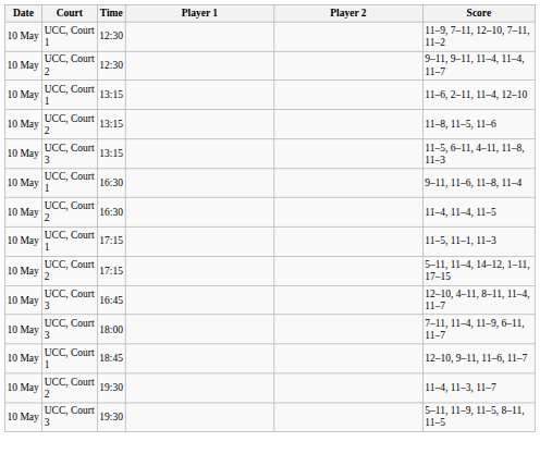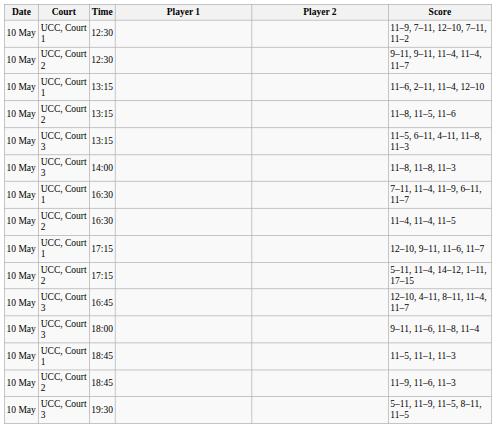 <table class="sortable wikitable" style="font-size:90%">
 <tr>
 <th width="45" class="unsortable">Date</th>
 <th width="70">Court</th>
 <th width="30">Time</th>
 <th width="200">Player 1</th>
 <th width="200">Player 2</th>
 <th width="150" class="unsortable">Score</th>
 </tr>
 <tr>
 <td>10 May</td>
 <td>UCC, Court 1</td>
 <td>12:30</td>
 <td><strong></strong></td>
 <td></td>
 <td>11–9, 7–11, 12–10, 7–11, 11–2</td>
 </tr>
 <tr>
 <td>10 May</td>
 <td>UCC, Court 2</td>
 <td>12:30</td>
 <td><strong></strong></td>
 <td></td>
 <td>9–11, 9–11, 11–4, 11–4, 11–7</td>
 </tr>
 <tr>
 <td>10 May</td>
 <td>UCC, Court 1</td>
 <td>13:15</td>
 <td><strong></strong></td>
 <td></td>
 <td>11–6, 2–11, 11–4, 12–10</td>
 </tr>
 <tr>
 <td>10 May</td>
 <td>UCC, Court 2</td>
 <td>13:15</td>
 <td><strong></strong></td>
 <td></td>
 <td>11–8, 11–5, 11–6</td>
 </tr>
 <tr>
 <td>10 May</td>
 <td>UCC, Court 3</td>
 <td>13:15</td>
 <td></td>
 <td></td>
 <td>11–5, 6–11, 4–11, 11–8, 11–3</td>
 </tr>
 <tr>
 <td>10 May</td>
+<td>UCC, Court 3</td>
+<td>14:00</td>
+<td></td>
+<td></td>
+<td>11–8, 11–8, 11–3</td>
+</tr>
+<tr>
+<td>10 May</td>
 <td>UCC, Court 1</td>
 <td>16:30</td>
 <td><strong></strong></td>
 <td></td>
-<td>9–11, 11–6, 11–8, 11–4</td>
+<td>7–11, 11–4, 11–9, 6–11, 11–7</td>
 </tr>
 <tr>
 <td>10 May</td>
 <td>UCC, Court 2</td>
 <td>16:30</td>
 <td><strong></strong></td>
 <td></td>
 <td>11–4, 11–4, 11–5</td>
 </tr>
 <tr>
 <td>10 May</td>
 <td>UCC, Court 1</td>
 <td>17:15</td>
 <td><strong></strong></td>
 <td></td>
-<td>11–5, 11–1, 11–3</td>
+<td>12–10, 9–11, 11–6, 11–7</td>
 </tr>
 <tr>
 <td>10 May</td>
 <td>UCC, Court 2</td>
 <td>17:15</td>
 <td><strong></strong></td>
 <td></td>
 <td>5–11, 11–4, 14–12, 1–11, 17–15</td>
 </tr>
 <tr>
 <td>10 May</td>
 <td>UCC, Court 3</td>
 <td>16:45</td>
 <td><strong></strong></td>
 <td></td>
 <td>12–10, 4–11, 8–11, 11–4, 11–7</td>
 </tr>
 <tr>
 <td>10 May</td>
 <td>UCC, Court 3</td>
 <td>18:00</td>
 <td><strong></strong></td>
 <td></td>
-<td>7–11, 11–4, 11–9, 6–11, 11–7</td>
+<td>9–11, 11–6, 11–8, 11–4</td>
 </tr>
 <tr>
 <td>10 May</td>
 <td>UCC, Court 1</td>
 <td>18:45</td>
 <td><strong></strong></td>
 <td></td>
-<td>12–10, 9–11, 11–6, 11–7</td>
+<td>11–5, 11–1, 11–3</td>
 </tr>
 <tr>
 <td>10 May</td>
 <td>UCC, Court 2</td>
-<td>19:30</td>
+<td>18:45</td>
 <td><strong></strong></td>
 <td></td>
-<td>11–4, 11–3, 11–7</td>
+<td>11–9, 11–6, 11–3</td>
 </tr>
 <tr>
 <td>10 May</td>
 <td>UCC, Court 3</td>
 <td>19:30</td>
 <td><strong></strong></td>
 <td></td>
 <td>5–11, 11–9, 11–5, 8–11, 11–5</td>
 </tr>
 </table>
